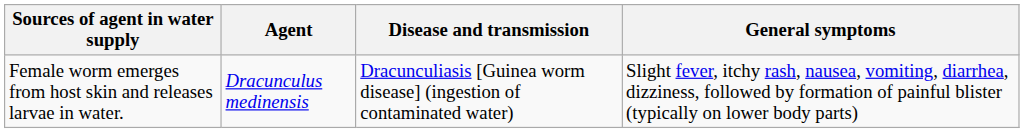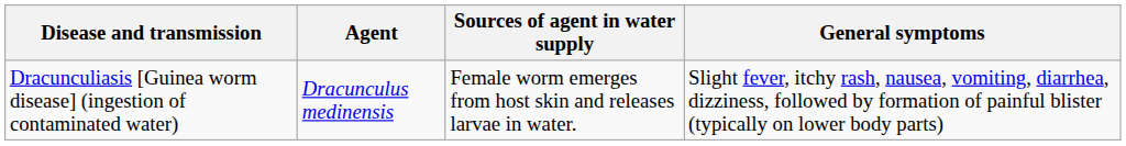 <table class="wikitable">
 <tr>
+<th>Disease and transmission</th>
+<th>Agent</th>
 <th>Sources of agent in water supply</th>
-<th>Agent</th>
-<th>Disease and transmission</th>
 <th>General symptoms</th>
 </tr>
 <tr>
+<td><a href='#'>Dracunculiasis</a> [Guinea worm disease] (ingestion of contaminated water)</td>
+<td><em><a href='#'>Dracunculus medinensis</a></em></td>
 <td>Female worm emerges from host skin and releases larvae in water.</td>
-<td><em><a href='#'>Dracunculus medinensis</a></em></td>
-<td><a href='#'>Dracunculiasis</a> [Guinea worm disease] (ingestion of contaminated water)</td>
 <td>Slight <a href='#'>fever</a>, itchy <a href='#'>rash</a>, <a href='#'>nausea</a>, <a href='#'>vomiting</a>, <a href='#'>diarrhea</a>, dizziness, followed by formation of painful blister (typically on lower body parts)</td>
 </tr>
 </table>
